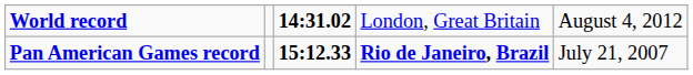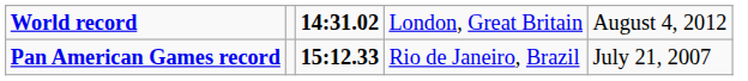 <table class="wikitable">
 <tr>
 <td><strong><a href='#'>World record</a></strong></td>
 <td></td>
 <td><strong>14:31.02</strong></td>
 <td><a href='#'>London</a>, <a href='#'>Great Britain</a></td>
 <td>August 4, 2012</td>
 </tr>
 <tr>
 <td><strong><a href='#'>Pan American Games record</a></strong></td>
 <td></td>
 <td><strong>15:12.33</strong></td>
-<td><strong><a href='#'>Rio de Janeiro</a>, <a href='#'>Brazil</a></strong></td>
+<td><a href='#'>Rio de Janeiro</a>, <a href='#'>Brazil</a></td>
 <td>July 21, 2007</td>
 </tr>
 </table>
